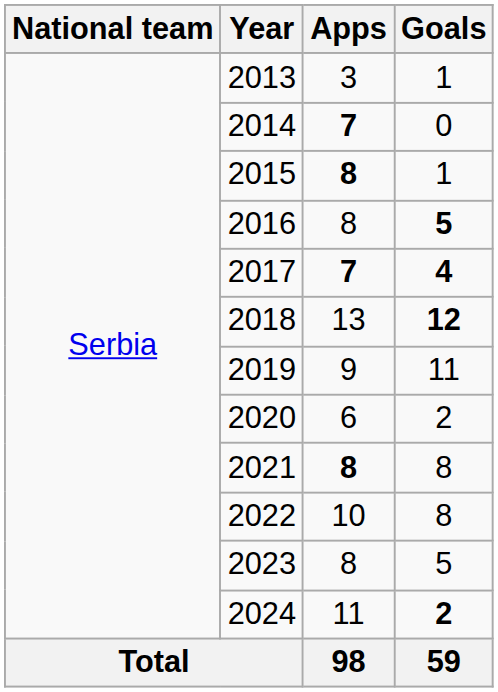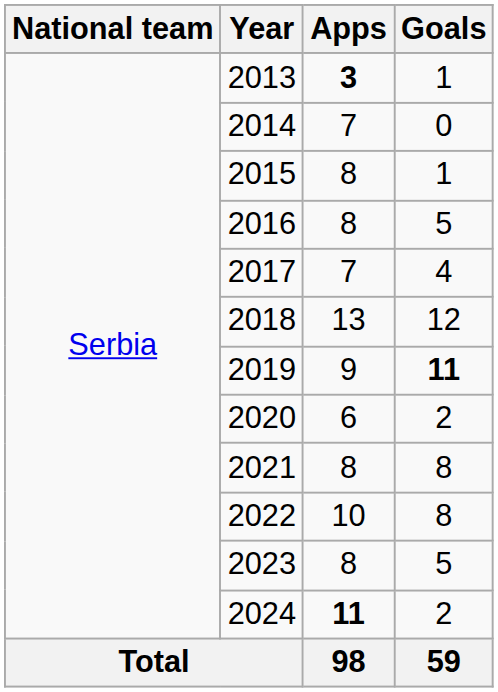 <table class=wikitable style=text-align:center>
 <tr>
 <th>National team</th>
 <th>Year</th>
 <th>Apps</th>
 <th>Goals</th>
 </tr>
 <tr>
 <td rowspan="12"><a href='#'>Serbia</a></td>
 <td>2013</td>
-<td>3</td>
+<td><strong>3</strong></td>
 <td>1</td>
 </tr>
 <tr>
 <td>2014</td>
-<td><strong>7</strong></td>
+<td>7</td>
 <td>0</td>
 </tr>
 <tr>
 <td>2015</td>
-<td><strong>8</strong></td>
+<td>8</td>
 <td>1</td>
 </tr>
 <tr>
 <td>2016</td>
 <td>8</td>
-<td><strong>5</strong></td>
+<td>5</td>
 </tr>
 <tr>
 <td>2017</td>
-<td><strong>7</strong></td>
-<td><strong>4</strong></td>
+<td>7</td>
+<td>4</td>
 </tr>
 <tr>
 <td>2018</td>
 <td>13</td>
-<td><strong>12</strong></td>
+<td>12</td>
 </tr>
 <tr>
 <td>2019</td>
 <td>9</td>
-<td>11</td>
+<td><strong>11</strong></td>
 </tr>
 <tr>
 <td>2020</td>
 <td>6</td>
 <td>2</td>
 </tr>
 <tr>
 <td>2021</td>
-<td><strong>8</strong></td>
+<td>8</td>
 <td>8</td>
 </tr>
 <tr>
 <td>2022</td>
 <td>10</td>
 <td>8</td>
 </tr>
 <tr>
 <td>2023</td>
 <td>8</td>
 <td>5</td>
 </tr>
 <tr>
 <td>2024</td>
-<td>11</td>
-<td><strong>2</strong></td>
+<td><strong>11</strong></td>
+<td>2</td>
 </tr>
 <tr>
 <th colspan="2">Total</th>
 <th>98</th>
 <th>59</th>
 </tr>
 </table>
